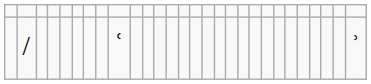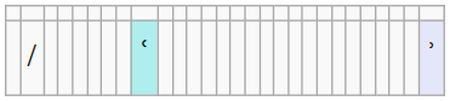 <table class="wikitable" style="line-height:180%;font-size:larger">
 <tr>
 <td></td>
 <td></td>
 <td></td>
 <td></td>
 <td></td>
 <td></td>
 <td></td>
 <td></td>
 <td></td>
 <td></td>
 <td></td>
 <td></td>
 <td></td>
 <td></td>
 <td></td>
 <td></td>
 <td></td>
 <td></td>
 <td></td>
 <td></td>
 <td></td>
 <td></td>
 <td></td>
 <td></td>
 <td></td>
 <td></td>
 <td></td>
 <td></td>
 </tr>
 <tr>
 <td></td>
 <td>/</td>
 <td></td>
 <td></td>
 <td></td>
 <td></td>
 <td></td>
 <td></td>
-<td><big>ʿ</big></td>
+<td style="background: paleturquoise;"><big>ʿ</big></td>
 <td></td>
 <td></td>
 <td></td>
 <td></td>
 <td></td>
 <td></td>
 <td></td>
 <td></td>
 <td></td>
 <td></td>
 <td></td>
 <td></td>
 <td></td>
 <td></td>
 <td></td>
 <td></td>
 <td></td>
 <td></td>
-<td>ʾ</td>
+<td style="background: lavender;">ʾ</td>
 </tr>
 </table>
